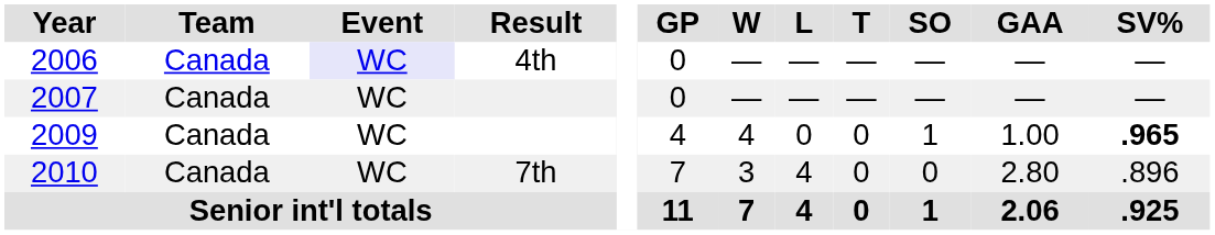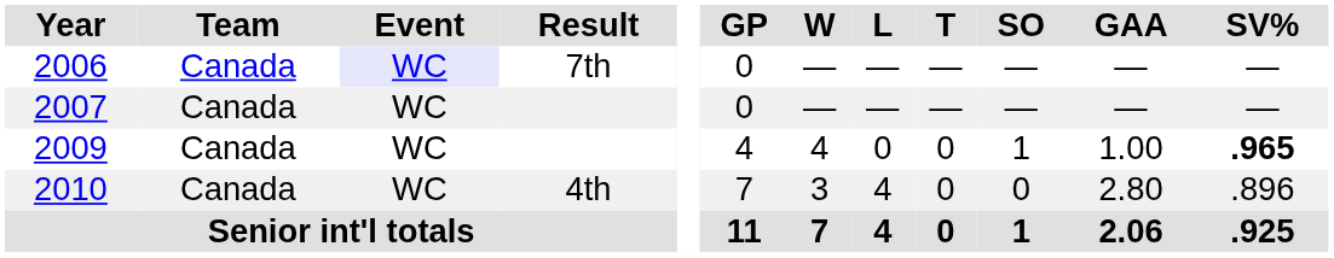 <table border="0" cellpadding="1" cellspacing="0" style="text-align:center; width:40em">
 <tr style="text-align:center; background:#e0e0e0;">
 <th>Year</th>
 <th>Team</th>
 <th>Event</th>
 <th>Result</th>
 <th rowspan="99" bgcolor="#ffffff"> </th>
 <th>GP</th>
 <th>W</th>
 <th>L</th>
 <th>T</th>
 <th>SO</th>
 <th>GAA</th>
 <th>SV%</th>
 </tr>
 <tr ALIGN="center">
 <td><a href='#'>2006</a></td>
 <td><a href='#'>Canada</a></td>
 <td style="background: lavender;"><a href='#'>WC</a></td>
-<td>4th</td>
+<td>7th</td>
 <td>0</td>
 <td>—</td>
 <td>—</td>
 <td>—</td>
 <td>—</td>
 <td>—</td>
 <td>—</td>
 </tr>
 <tr ALIGN="center" bgcolor="#f0f0f0">
 <td><a href='#'>2007</a></td>
 <td>Canada</td>
 <td>WC</td>
 <td></td>
 <td>0</td>
 <td>—</td>
 <td>—</td>
 <td>—</td>
 <td>—</td>
 <td>—</td>
 <td>—</td>
 </tr>
 <tr ALIGN="center">
 <td><a href='#'>2009</a></td>
 <td>Canada</td>
 <td>WC</td>
 <td></td>
 <td>4</td>
 <td>4</td>
 <td>0</td>
 <td>0</td>
 <td>1</td>
 <td>1.00</td>
 <td><strong>.965</strong></td>
 </tr>
 <tr ALIGN="center" bgcolor="#f0f0f0">
 <td><a href='#'>2010</a></td>
 <td>Canada</td>
 <td>WC</td>
-<td>7th</td>
+<td>4th</td>
 <td>7</td>
 <td>3</td>
 <td>4</td>
 <td>0</td>
 <td>0</td>
 <td>2.80</td>
 <td>.896</td>
 </tr>
 <tr ALIGN="center" bgcolor="#e0e0e0">
 <th colspan=4>Senior int'l totals</th>
 <th>11</th>
 <th>7</th>
 <th>4</th>
 <th>0</th>
 <th>1</th>
 <th>2.06</th>
 <th>.925</th>
 </tr>
 </table>
